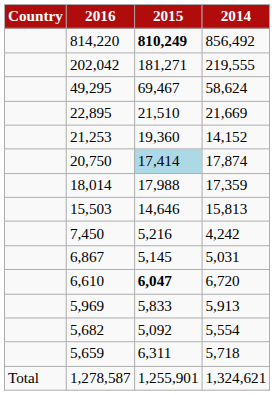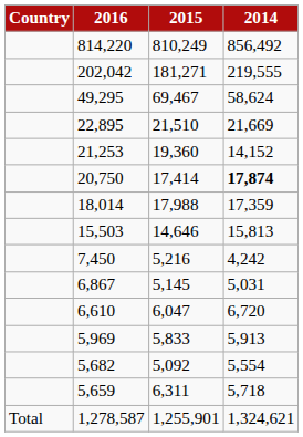 <table class="wikitable sortable">
 <tr>
 </tr>
 <tr style=color:white>
 <th style=background:#b10c0c>Country</th>
 <th style=background:#b10c0c>2016</th>
 <th style=background:#b10c0c>2015</th>
 <th style=background:#b10c0c>2014</th>
 </tr>
 <tr>
 <td></td>
 <td>814,220</td>
-<td><strong>810,249</strong></td>
+<td>810,249</td>
 <td>856,492</td>
 </tr>
 <tr>
 <td></td>
 <td>202,042</td>
 <td>181,271</td>
 <td>219,555</td>
 </tr>
 <tr>
 <td></td>
 <td>49,295</td>
 <td>69,467</td>
 <td>58,624</td>
 </tr>
 <tr>
 <td></td>
 <td>22,895</td>
 <td>21,510</td>
 <td>21,669</td>
 </tr>
 <tr>
 <td></td>
 <td>21,253</td>
 <td>19,360</td>
 <td>14,152</td>
 </tr>
 <tr>
 <td></td>
 <td>20,750</td>
-<td style="background: lightblue;">17,414</td>
-<td>17,874</td>
+<td>17,414</td>
+<td><strong>17,874</strong></td>
 </tr>
 <tr>
 <td></td>
 <td>18,014</td>
 <td>17,988</td>
 <td>17,359</td>
 </tr>
 <tr>
 <td></td>
 <td>15,503</td>
 <td>14,646</td>
 <td>15,813</td>
 </tr>
 <tr>
 <td></td>
 <td>7,450</td>
 <td>5,216</td>
 <td>4,242</td>
 </tr>
 <tr>
 <td></td>
 <td>6,867</td>
 <td>5,145</td>
 <td>5,031</td>
 </tr>
 <tr>
 <td></td>
 <td>6,610</td>
-<td><strong>6,047</strong></td>
+<td>6,047</td>
 <td>6,720</td>
 </tr>
 <tr>
 <td></td>
 <td>5,969</td>
 <td>5,833</td>
 <td>5,913</td>
 </tr>
 <tr>
 <td></td>
 <td>5,682</td>
 <td>5,092</td>
 <td>5,554</td>
 </tr>
 <tr>
 <td></td>
 <td>5,659</td>
 <td>6,311</td>
 <td>5,718</td>
 </tr>
 <tr>
 <td>Total</td>
 <td>1,278,587</td>
 <td>1,255,901</td>
 <td>1,324,621</td>
 </tr>
 </table>
